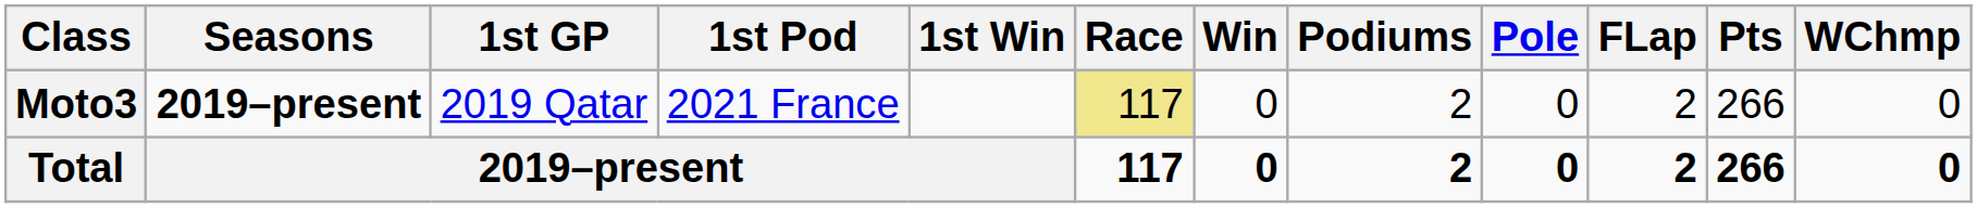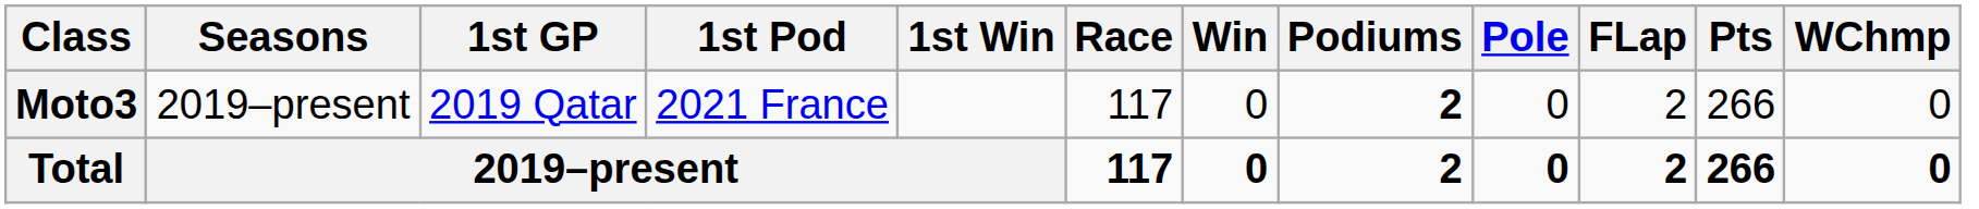 <table class="wikitable" style="text-align:right;">
 <tr>
 <th>Class</th>
 <th>Seasons</th>
 <th>1st GP</th>
 <th>1st Pod</th>
 <th>1st Win</th>
 <th>Race</th>
 <th>Win</th>
 <th>Podiums</th>
 <th><a href='#'>Pole</a></th>
 <th>FLap</th>
 <th>Pts</th>
 <th>WChmp</th>
 </tr>
 <tr>
 <th>Moto3</th>
-<td><strong>2019–present</strong></td>
+<td>2019–present</td>
 <td style="text-align:left;"><a href='#'>2019 Qatar</a></td>
 <td style="text-align:left;"><a href='#'>2021 France</a></td>
 <td style="text-align:left;"></td>
-<td style="background: khaki;">117</td>
+<td>117</td>
 <td>0</td>
-<td>2</td>
+<td><strong>2</strong></td>
 <td>0</td>
 <td>2</td>
 <td>266</td>
 <td>0</td>
 </tr>
 <tr>
 <th>Total</th>
 <th colspan="4">2019–present</th>
 <td><strong>117</strong></td>
 <td><strong>0</strong></td>
 <td><strong>2</strong></td>
 <td><strong>0</strong></td>
 <td><strong>2</strong></td>
 <td><strong>266</strong></td>
 <td><strong>0</strong></td>
 </tr>
 </table>
